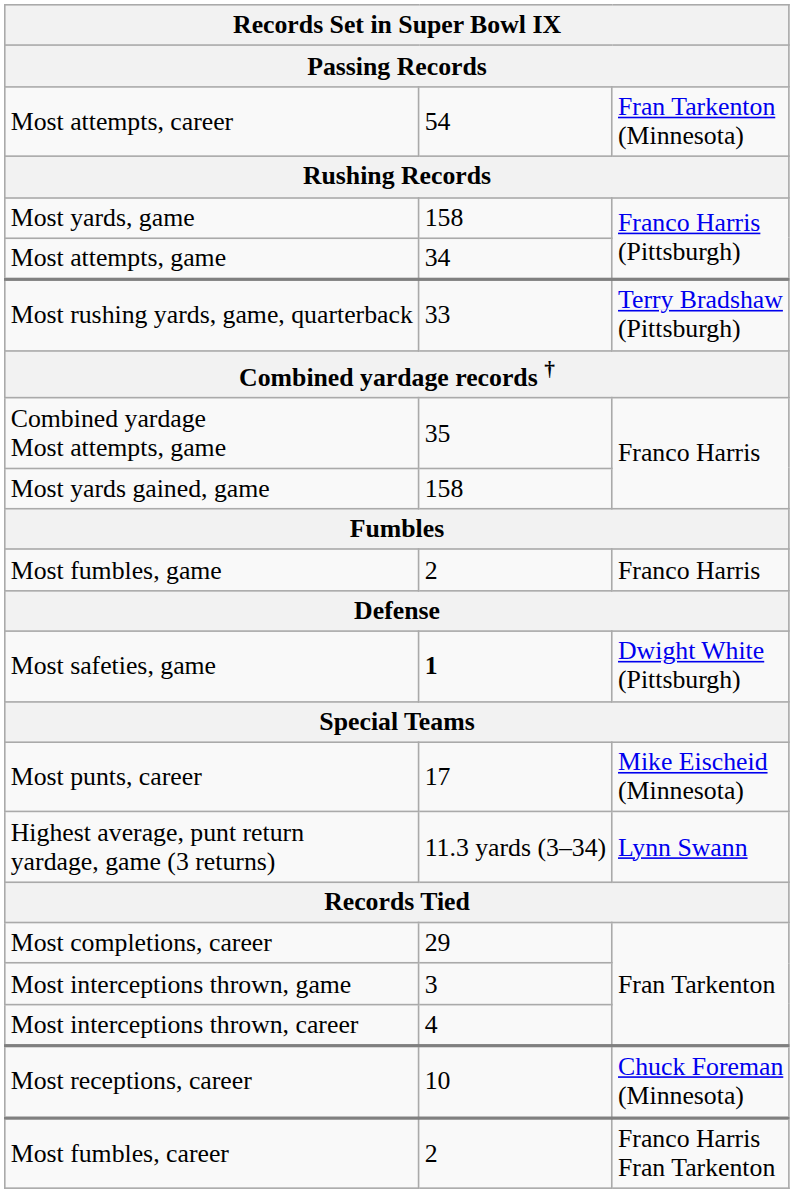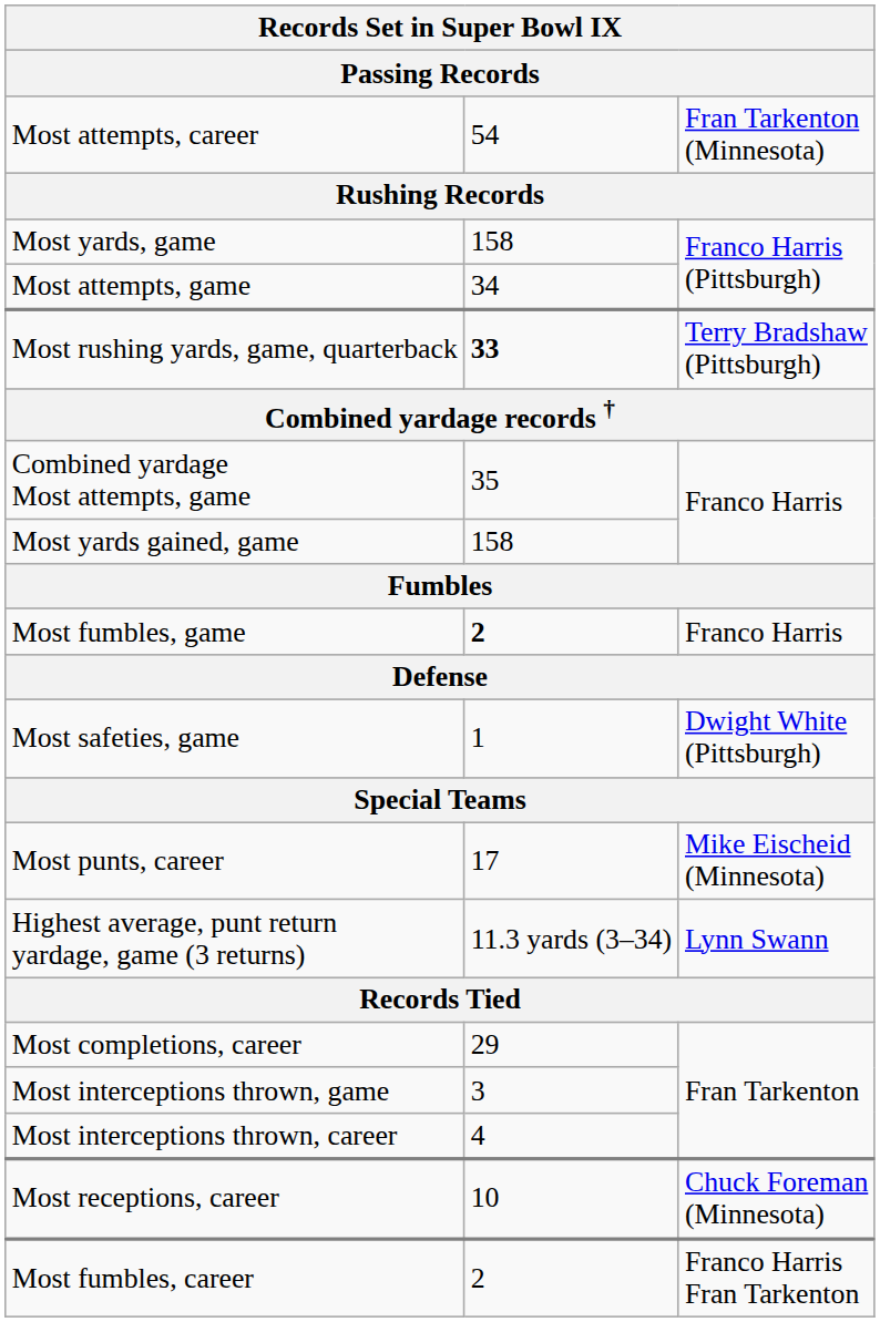 <table class="wikitable">
 <tr>
 <th colspan=3>Records Set in Super Bowl IX</th>
 </tr>
 <tr>
 <th colspan=3>Passing Records</th>
 </tr>
 <tr>
 <td>Most attempts, career</td>
 <td>54</td>
 <td><a href='#'>Fran Tarkenton</a><br>(Minnesota)</td>
 </tr>
 <tr>
 <th colspan=3>Rushing Records</th>
 </tr>
 <tr>
 <td>Most yards, game</td>
 <td>158</td>
 <td rowspan=2><a href='#'>Franco Harris</a><br>(Pittsburgh)</td>
 </tr>
 <tr style="border-bottom: 2px solid gray">
 <td>Most attempts, game</td>
 <td>34</td>
 </tr>
 <tr>
 <td>Most rushing yards, game, quarterback</td>
-<td>33</td>
+<td><strong>33</strong></td>
 <td><a href='#'>Terry Bradshaw</a><br>(Pittsburgh)</td>
 </tr>
 <tr>
 <th colspan=3>Combined yardage records <sup>†</sup></th>
 </tr>
 <tr>
 <td>Combined yardage <br> Most attempts, game</td>
 <td>35</td>
 <td rowspan=2>Franco Harris</td>
 </tr>
 <tr>
 <td>Most yards gained, game</td>
 <td>158</td>
 </tr>
 <tr>
 <th colspan=3>Fumbles</th>
 </tr>
 <tr>
 <td>Most fumbles, game</td>
-<td>2</td>
+<td><strong>2</strong></td>
 <td>Franco Harris</td>
 </tr>
 <tr>
 <th colspan=3>Defense</th>
 </tr>
 <tr>
 <td>Most safeties, game</td>
-<td><strong>1</strong></td>
+<td>1</td>
 <td><a href='#'>Dwight White</a><br>(Pittsburgh)</td>
 </tr>
 <tr>
 <th colspan=3>Special Teams</th>
 </tr>
 <tr>
 <td>Most punts, career</td>
 <td>17</td>
 <td><a href='#'>Mike Eischeid</a><br>(Minnesota)</td>
 </tr>
 <tr>
 <td>Highest average, punt return <br>yardage, game (3 returns)</td>
 <td>11.3 yards (3–34)</td>
 <td><a href='#'>Lynn Swann</a></td>
 </tr>
 <tr>
 <th colspan=3>Records Tied</th>
 </tr>
 <tr>
 <td>Most completions, career</td>
 <td>29</td>
 <td rowspan=3>Fran Tarkenton</td>
 </tr>
 <tr>
 <td>Most interceptions thrown, game</td>
 <td>3</td>
 </tr>
 <tr style="border-bottom: 2px solid gray">
 <td>Most interceptions thrown, career</td>
 <td>4</td>
 </tr>
 <tr style="border-bottom: 2px solid gray">
 <td>Most receptions, career</td>
 <td>10</td>
 <td><a href='#'>Chuck Foreman</a><br>(Minnesota)</td>
 </tr>
 <tr>
 <td>Most fumbles, career</td>
 <td>2</td>
 <td>Franco Harris<br>Fran Tarkenton</td>
 </tr>
 </table>
